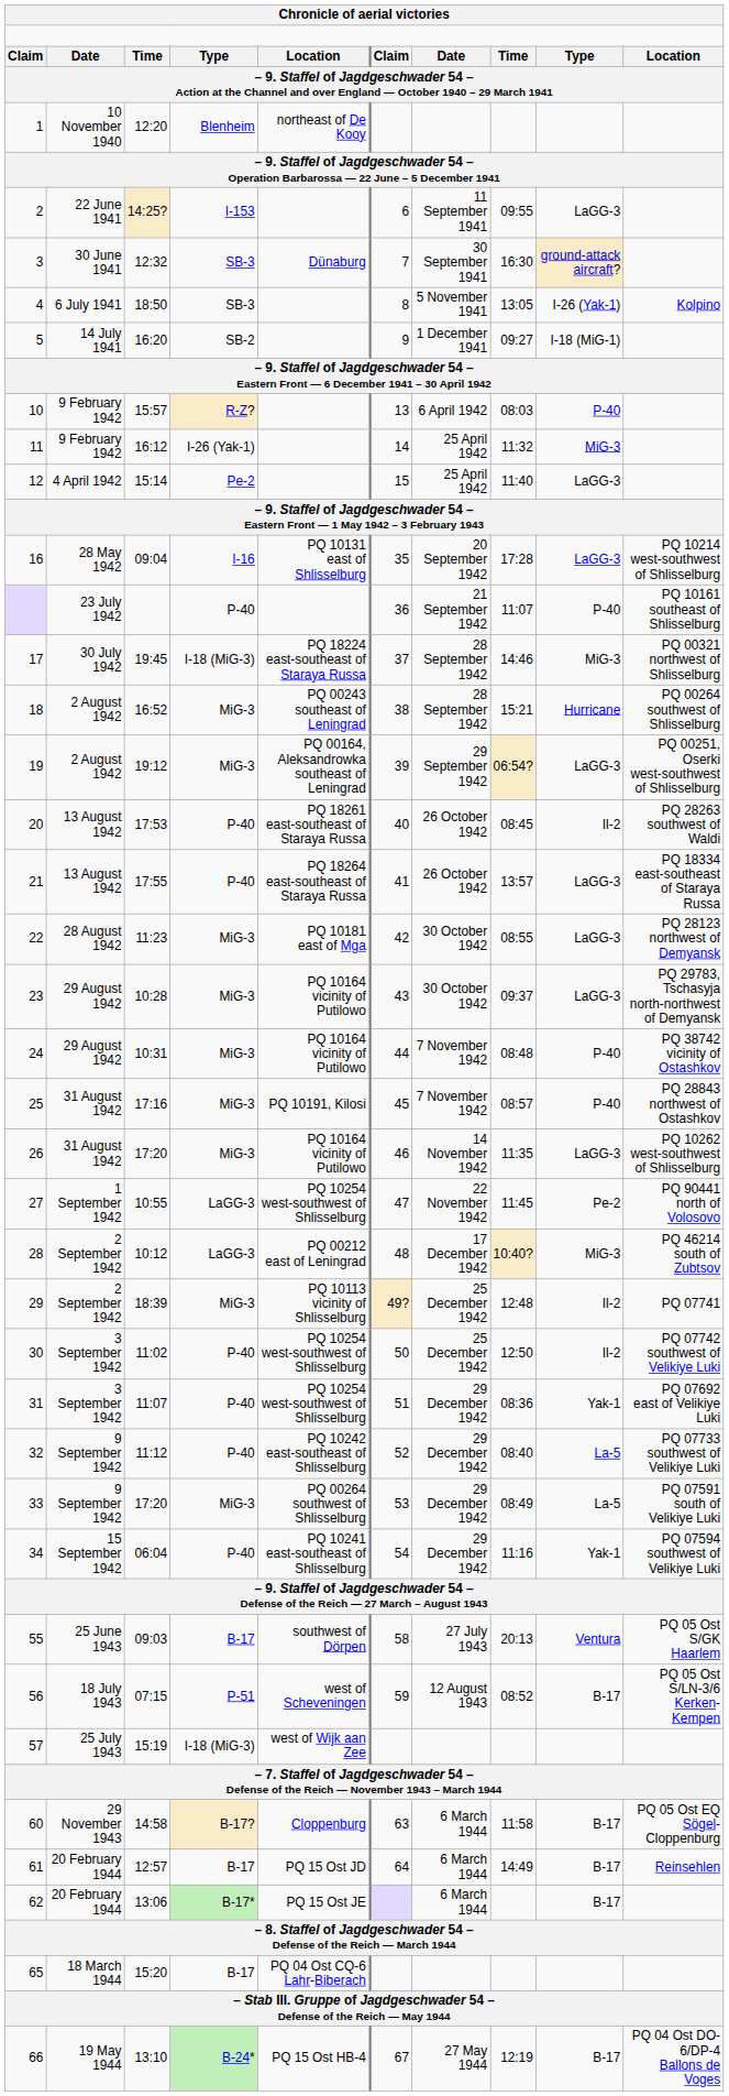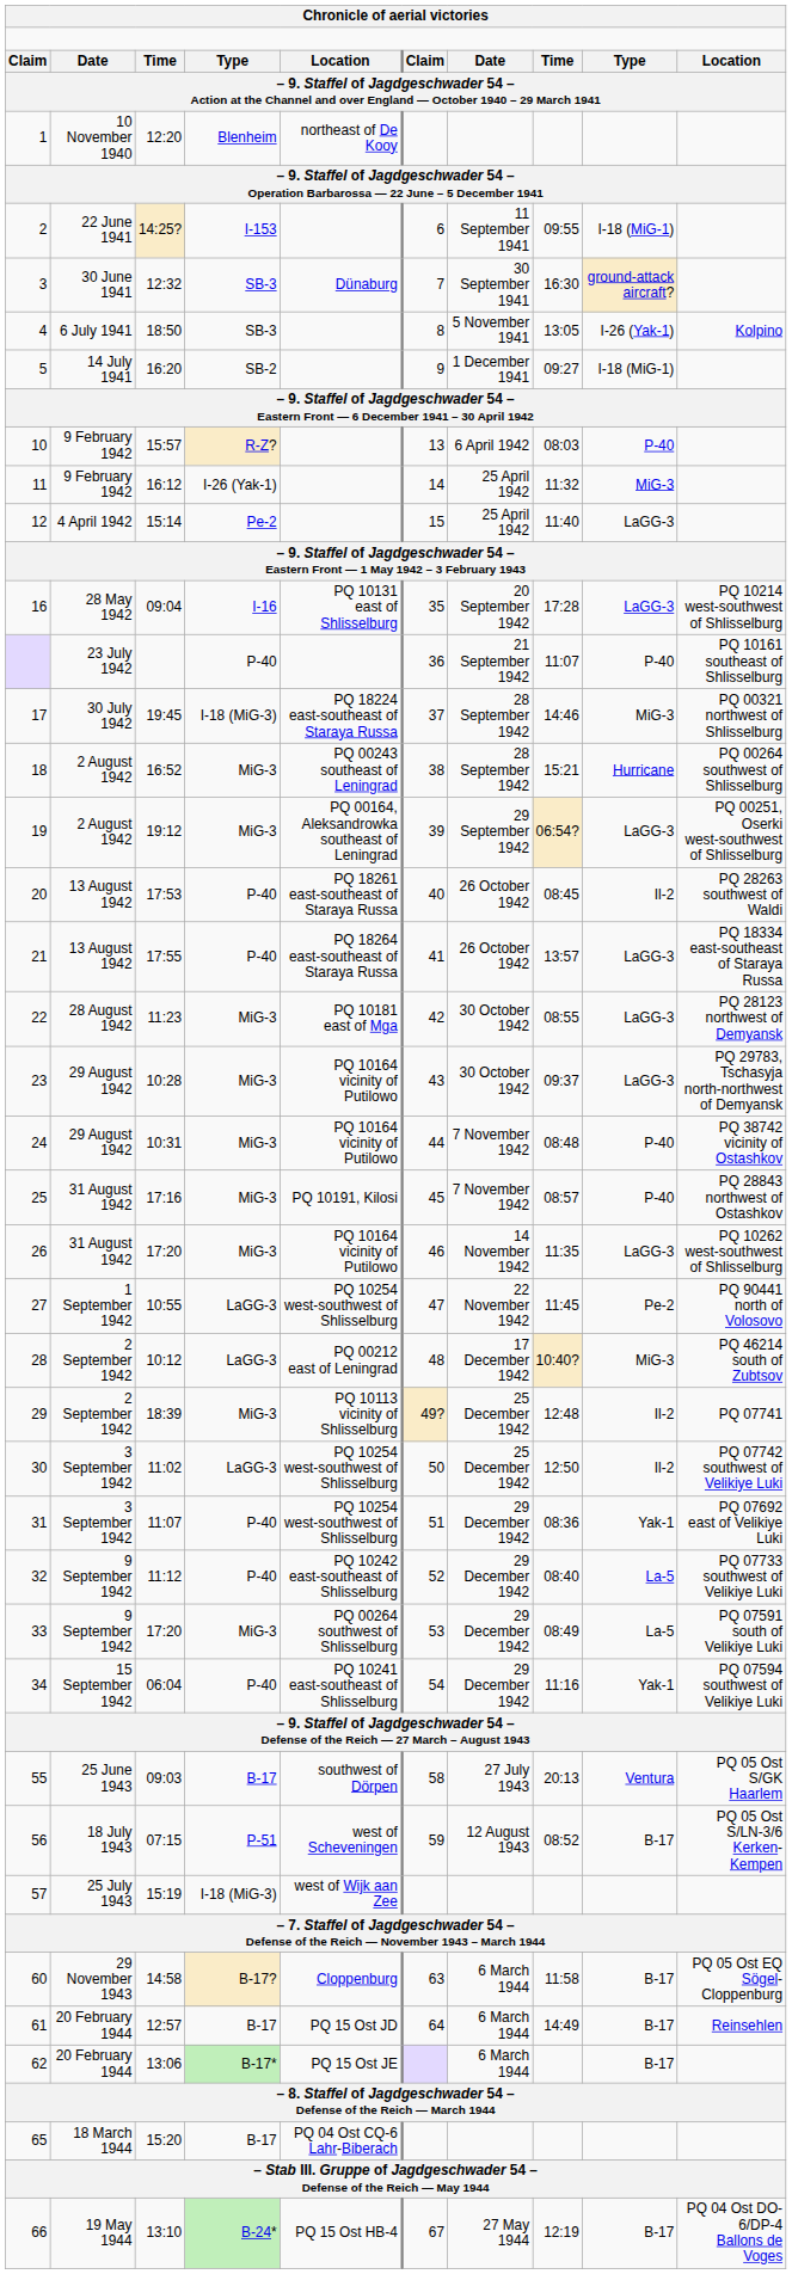 <table class="wikitable plainrowheaders collapsible" style="margin-left: auto; margin-right: auto; border: none; text-align:right; width: 100%;">
 <tr>
 <th colspan="10">Chronicle of aerial victories</th>
 </tr>
 <tr>
 <td colspan="10" style="text-align: left;"><br>  </td>
 </tr>
 <tr>
 <th scope="col">Claim</th>
 <th scope="col">Date</th>
 <th scope="col">Time</th>
 <th scope="col" width="100px">Type</th>
 <th scope="col">Location</th>
 <th scope="col" style="border-left: 3px solid grey;">Claim</th>
 <th scope="col">Date</th>
 <th scope="col">Time</th>
 <th scope="col" width="100px">Type</th>
 <th scope="col">Location</th>
 </tr>
 <tr>
 <th colspan="10">– 9. <em>Staffel</em> of <em>Jagdgeschwader</em> 54 –<br><small>Action at the Channel and over England — October 1940 – 29 March 1941</small></th>
 </tr>
 <tr>
 <td>1</td>
 <td>10 November 1940</td>
 <td>12:20</td>
 <td><a href='#'>Blenheim</a></td>
 <td> northeast of <a href='#'>De Kooy</a></td>
 <td style="border-left: 3px solid grey;"></td>
 <td></td>
 <td></td>
 <td></td>
 <td></td>
 </tr>
 <tr>
 <th colspan="10">– 9. <em>Staffel</em> of <em>Jagdgeschwader</em> 54 –<br><small>Operation Barbarossa — 22 June – 5 December 1941</small></th>
 </tr>
 <tr>
 <td>2</td>
 <td>22 June 1941</td>
 <td style="background:#faecc8">14:25?</td>
 <td><a href='#'>I-153</a></td>
 <td></td>
 <td style="border-left: 3px solid grey;">6</td>
 <td>11 September 1941</td>
 <td>09:55</td>
-<td>LaGG-3</td>
+<td>I-18 (<a href='#'>MiG-1</a>)</td>
 <td></td>
 </tr>
 <tr>
 <td>3</td>
 <td>30 June 1941</td>
 <td>12:32</td>
 <td><a href='#'>SB-3</a></td>
 <td><a href='#'>Dünaburg</a></td>
 <td style="border-left: 3px solid grey;">7</td>
 <td>30 September 1941</td>
 <td>16:30</td>
 <td style="background:#faecc8"><a href='#'>ground-attack aircraft</a>?</td>
 <td></td>
 </tr>
 <tr>
 <td>4</td>
 <td>6 July 1941</td>
 <td>18:50</td>
 <td>SB-3</td>
 <td></td>
 <td style="border-left: 3px solid grey;">8</td>
 <td>5 November 1941</td>
 <td>13:05</td>
 <td>I-26 (<a href='#'>Yak-1</a>)</td>
 <td><a href='#'>Kolpino</a></td>
 </tr>
 <tr>
 <td>5</td>
 <td>14 July 1941</td>
 <td>16:20</td>
 <td>SB-2</td>
 <td></td>
 <td style="border-left: 3px solid grey;">9</td>
 <td>1 December 1941</td>
 <td>09:27</td>
 <td>I-18 (MiG-1)</td>
 <td></td>
 </tr>
 <tr>
 <th colspan="10">– 9. <em>Staffel</em> of <em>Jagdgeschwader</em> 54 –<br><small>Eastern Front — 6 December 1941 – 30 April 1942</small></th>
 </tr>
 <tr>
 <td>10</td>
 <td>9 February 1942</td>
 <td>15:57</td>
 <td style="background:#faecc8"><a href='#'>R-Z</a>?</td>
 <td></td>
 <td style="border-left: 3px solid grey;">13</td>
 <td>6 April 1942</td>
 <td>08:03</td>
 <td><a href='#'>P-40</a></td>
 <td></td>
 </tr>
 <tr>
 <td>11</td>
 <td>9 February 1942</td>
 <td>16:12</td>
 <td>I-26 (Yak-1)</td>
 <td></td>
 <td style="border-left: 3px solid grey;">14</td>
 <td>25 April 1942</td>
 <td>11:32</td>
 <td><a href='#'>MiG-3</a></td>
 <td></td>
 </tr>
 <tr>
 <td>12</td>
 <td>4 April 1942</td>
 <td>15:14</td>
 <td><a href='#'>Pe-2</a></td>
 <td></td>
 <td style="border-left: 3px solid grey;">15</td>
 <td>25 April 1942</td>
 <td>11:40</td>
 <td>LaGG-3</td>
 <td></td>
 </tr>
 <tr>
 <th colspan="10">– 9. <em>Staffel</em> of <em>Jagdgeschwader</em> 54 –<br><small>Eastern Front — 1 May 1942 – 3 February 1943</small></th>
 </tr>
 <tr>
 <td>16</td>
 <td>28 May 1942</td>
 <td>09:04</td>
 <td><a href='#'>I-16</a></td>
 <td>PQ 10131<br>east of <a href='#'>Shlisselburg</a></td>
 <td style="border-left: 3px solid grey;">35</td>
 <td>20 September 1942</td>
 <td>17:28</td>
 <td><a href='#'>LaGG-3</a></td>
 <td>PQ 10214<br> west-southwest of Shlisselburg</td>
 </tr>
 <tr>
 <td style="background:#e3d9ff;"></td>
 <td>23 July 1942</td>
 <td></td>
 <td>P-40</td>
 <td></td>
 <td style="border-left: 3px solid grey;">36</td>
 <td>21 September 1942</td>
 <td>11:07</td>
 <td>P-40</td>
 <td>PQ 10161<br>southeast of Shlisselburg</td>
 </tr>
 <tr>
 <td>17</td>
 <td>30 July 1942</td>
 <td>19:45</td>
 <td>I-18 (MiG-3)</td>
 <td>PQ 18224<br> east-southeast of <a href='#'>Staraya Russa</a></td>
 <td style="border-left: 3px solid grey;">37</td>
 <td>28 September 1942</td>
 <td>14:46</td>
 <td>MiG-3</td>
 <td>PQ 00321<br> northwest of Shlisselburg</td>
 </tr>
 <tr>
 <td>18</td>
 <td>2 August 1942</td>
 <td>16:52</td>
 <td>MiG-3</td>
 <td>PQ 00243<br> southeast of <a href='#'>Leningrad</a></td>
 <td style="border-left: 3px solid grey;">38</td>
 <td>28 September 1942</td>
 <td>15:21</td>
 <td><a href='#'>Hurricane</a></td>
 <td>PQ 00264<br> southwest of Shlisselburg</td>
 </tr>
 <tr>
 <td>19</td>
 <td>2 August 1942</td>
 <td>19:12</td>
 <td>MiG-3</td>
 <td>PQ 00164, Aleksandrowka<br> southeast of Leningrad</td>
 <td style="border-left: 3px solid grey;">39</td>
 <td>29 September 1942</td>
 <td style="background:#faecc8">06:54?</td>
 <td>LaGG-3</td>
 <td>PQ 00251, Oserki<br> west-southwest of Shlisselburg</td>
 </tr>
 <tr>
 <td>20</td>
 <td>13 August 1942</td>
 <td>17:53</td>
 <td>P-40</td>
 <td>PQ 18261<br> east-southeast of Staraya Russa</td>
 <td style="border-left: 3px solid grey;">40</td>
 <td>26 October 1942</td>
 <td>08:45</td>
 <td>Il-2</td>
 <td>PQ 28263<br> southwest of Waldi</td>
 </tr>
 <tr>
 <td>21</td>
 <td>13 August 1942</td>
 <td>17:55</td>
 <td>P-40</td>
 <td>PQ 18264<br> east-southeast of Staraya Russa</td>
 <td style="border-left: 3px solid grey;">41</td>
 <td>26 October 1942</td>
 <td>13:57</td>
 <td>LaGG-3</td>
 <td>PQ 18334<br> east-southeast of Staraya Russa</td>
 </tr>
 <tr>
 <td>22</td>
 <td>28 August 1942</td>
 <td>11:23</td>
 <td>MiG-3</td>
 <td>PQ 10181<br>east of <a href='#'>Mga</a></td>
 <td style="border-left: 3px solid grey;">42</td>
 <td>30 October 1942</td>
 <td>08:55</td>
 <td>LaGG-3</td>
 <td>PQ 28123<br> northwest of <a href='#'>Demyansk</a></td>
 </tr>
 <tr>
 <td>23</td>
 <td>29 August 1942</td>
 <td>10:28</td>
 <td>MiG-3</td>
 <td>PQ 10164<br>vicinity of Putilowo</td>
 <td style="border-left: 3px solid grey;">43</td>
 <td>30 October 1942</td>
 <td>09:37</td>
 <td>LaGG-3</td>
 <td>PQ 29783, Tschasyja<br> north-northwest of Demyansk</td>
 </tr>
 <tr>
 <td>24</td>
 <td>29 August 1942</td>
 <td>10:31</td>
 <td>MiG-3</td>
 <td>PQ 10164<br>vicinity of Putilowo</td>
 <td style="border-left: 3px solid grey;">44</td>
 <td>7 November 1942</td>
 <td>08:48</td>
 <td>P-40</td>
 <td>PQ 38742<br>vicinity of <a href='#'>Ostashkov</a></td>
 </tr>
 <tr>
 <td>25</td>
 <td>31 August 1942</td>
 <td>17:16</td>
 <td>MiG-3</td>
 <td>PQ 10191, Kilosi</td>
 <td style="border-left: 3px solid grey;">45</td>
 <td>7 November 1942</td>
 <td>08:57</td>
 <td>P-40</td>
 <td>PQ 28843<br> northwest of Ostashkov</td>
 </tr>
 <tr>
 <td>26</td>
 <td>31 August 1942</td>
 <td>17:20</td>
 <td>MiG-3</td>
 <td>PQ 10164<br>vicinity of Putilowo</td>
 <td style="border-left: 3px solid grey;">46</td>
 <td>14 November 1942</td>
 <td>11:35</td>
 <td>LaGG-3</td>
 <td>PQ 10262<br> west-southwest of Shlisselburg</td>
 </tr>
 <tr>
 <td>27</td>
 <td>1 September 1942</td>
 <td>10:55</td>
 <td>LaGG-3</td>
 <td>PQ 10254<br> west-southwest of Shlisselburg</td>
 <td style="border-left: 3px solid grey;">47</td>
 <td>22 November 1942</td>
 <td>11:45</td>
 <td>Pe-2</td>
 <td>PQ 90441<br> north of <a href='#'>Volosovo</a></td>
 </tr>
 <tr>
 <td>28</td>
 <td>2 September 1942</td>
 <td>10:12</td>
 <td>LaGG-3</td>
 <td>PQ 00212<br> east of Leningrad</td>
 <td style="border-left: 3px solid grey;">48</td>
 <td>17 December 1942</td>
 <td style="background:#faecc8">10:40?</td>
 <td>MiG-3</td>
 <td>PQ 46214<br> south of <a href='#'>Zubtsov</a></td>
 </tr>
 <tr>
 <td>29</td>
 <td>2 September 1942</td>
 <td>18:39</td>
 <td>MiG-3</td>
 <td>PQ 10113<br>vicinity of Shlisselburg</td>
 <td style="border-left: 3px solid grey; background:#faecc8">49?</td>
 <td>25 December 1942</td>
 <td>12:48</td>
 <td>Il-2</td>
 <td>PQ 07741</td>
 </tr>
 <tr>
 <td>30</td>
 <td>3 September 1942</td>
 <td>11:02</td>
-<td>P-40</td>
+<td>LaGG-3</td>
 <td>PQ 10254<br> west-southwest of Shlisselburg</td>
 <td style="border-left: 3px solid grey;">50</td>
 <td>25 December 1942</td>
 <td>12:50</td>
 <td>Il-2</td>
 <td>PQ 07742<br> southwest of <a href='#'>Velikiye Luki</a></td>
 </tr>
 <tr>
 <td>31</td>
 <td>3 September 1942</td>
 <td>11:07</td>
 <td>P-40</td>
 <td>PQ 10254<br> west-southwest of Shlisselburg</td>
 <td style="border-left: 3px solid grey;">51</td>
 <td>29 December 1942</td>
 <td>08:36</td>
 <td>Yak-1</td>
 <td>PQ 07692<br> east of Velikiye Luki</td>
 </tr>
 <tr>
 <td>32</td>
 <td>9 September 1942</td>
 <td>11:12</td>
 <td>P-40</td>
 <td>PQ 10242<br> east-southeast of Shlisselburg</td>
 <td style="border-left: 3px solid grey;">52</td>
 <td>29 December 1942</td>
 <td>08:40</td>
 <td><a href='#'>La-5</a></td>
 <td>PQ 07733<br> southwest of Velikiye Luki</td>
 </tr>
 <tr>
 <td>33</td>
 <td>9 September 1942</td>
 <td>17:20</td>
 <td>MiG-3</td>
 <td>PQ 00264<br> southwest of Shlisselburg</td>
 <td style="border-left: 3px solid grey;">53</td>
 <td>29 December 1942</td>
 <td>08:49</td>
 <td>La-5</td>
 <td>PQ 07591<br> south of Velikiye Luki</td>
 </tr>
 <tr>
 <td>34</td>
 <td>15 September 1942</td>
 <td>06:04</td>
 <td>P-40</td>
 <td>PQ 10241<br> east-southeast of Shlisselburg</td>
 <td style="border-left: 3px solid grey;">54</td>
 <td>29 December 1942</td>
 <td>11:16</td>
 <td>Yak-1</td>
 <td>PQ 07594<br> southwest of Velikiye Luki</td>
 </tr>
 <tr>
 <th colspan="10">– 9. <em>Staffel</em> of <em>Jagdgeschwader</em> 54 –<br><small>Defense of the Reich — 27 March – August 1943</small></th>
 </tr>
 <tr>
 <td>55</td>
 <td>25 June 1943</td>
 <td>09:03</td>
 <td><a href='#'>B-17</a></td>
 <td>southwest of <a href='#'>Dörpen</a></td>
 <td style="border-left: 3px solid grey;">58</td>
 <td>27 July 1943</td>
 <td>20:13</td>
 <td><a href='#'>Ventura</a></td>
 <td>PQ 05 Ost S/GK<br><a href='#'>Haarlem</a></td>
 </tr>
 <tr>
 <td>56</td>
 <td>18 July 1943</td>
 <td>07:15</td>
 <td><a href='#'>P-51</a></td>
 <td> west of <a href='#'>Scheveningen</a></td>
 <td style="border-left: 3px solid grey;">59</td>
 <td>12 August 1943</td>
 <td>08:52</td>
 <td>B-17</td>
 <td>PQ 05 Ost S/LN-3/6<br><a href='#'>Kerken</a>-<a href='#'>Kempen</a></td>
 </tr>
 <tr>
 <td>57</td>
 <td>25 July 1943</td>
 <td>15:19</td>
 <td>I-18 (MiG-3)</td>
 <td>west of <a href='#'>Wijk aan Zee</a></td>
 <td style="border-left: 3px solid grey;"></td>
 <td></td>
 <td></td>
 <td></td>
 <td></td>
 </tr>
 <tr>
 <th colspan="10">– 7. <em>Staffel</em> of <em>Jagdgeschwader</em> 54 –<br><small>Defense of the Reich — November 1943 – March 1944</small></th>
 </tr>
 <tr>
 <td>60</td>
 <td>29 November 1943</td>
 <td>14:58</td>
 <td style="background:#faecc8">B-17?</td>
 <td><a href='#'>Cloppenburg</a></td>
 <td style="border-left: 3px solid grey;">63</td>
 <td>6 March 1944</td>
 <td>11:58</td>
 <td>B-17</td>
 <td>PQ 05 Ost EQ<br><a href='#'>Sögel</a>-Cloppenburg</td>
 </tr>
 <tr>
 <td>61</td>
 <td>20 February 1944</td>
 <td>12:57</td>
 <td>B-17</td>
 <td>PQ 15 Ost JD</td>
 <td style="border-left: 3px solid grey;">64</td>
 <td>6 March 1944</td>
 <td>14:49</td>
 <td>B-17</td>
 <td><a href='#'>Reinsehlen</a></td>
 </tr>
 <tr>
 <td>62</td>
 <td>20 February 1944</td>
 <td>13:06</td>
 <td style="background:#C0EFBA">B-17*</td>
 <td>PQ 15 Ost JE</td>
 <td style="border-left: 3px solid grey; background:#e3d9ff;"></td>
 <td>6 March 1944</td>
 <td></td>
 <td>B-17</td>
 <td></td>
 </tr>
 <tr>
 <th colspan="10">– 8. <em>Staffel</em> of <em>Jagdgeschwader</em> 54 –<br><small>Defense of the Reich — March 1944</small></th>
 </tr>
 <tr>
 <td>65</td>
 <td>18 March 1944</td>
 <td>15:20</td>
 <td>B-17</td>
 <td>PQ 04 Ost CQ-6<br><a href='#'>Lahr</a>-<a href='#'>Biberach</a></td>
 <td style="border-left: 3px solid grey;"></td>
 <td></td>
 <td></td>
 <td></td>
 <td></td>
 </tr>
 <tr>
 <th colspan="10">– <em>Stab</em> III. <em>Gruppe</em> of <em>Jagdgeschwader</em> 54 –<br><small>Defense of the Reich — May 1944</small></th>
 </tr>
 <tr>
 <td>66</td>
 <td>19 May 1944</td>
 <td>13:10</td>
 <td style="background:#C0EFBA"><a href='#'>B-24</a>*</td>
 <td>PQ 15 Ost HB-4</td>
 <td style="border-left: 3px solid grey;">67</td>
 <td>27 May 1944</td>
 <td>12:19</td>
 <td>B-17</td>
 <td>PQ 04 Ost DO-6/DP-4<br><a href='#'>Ballons de Voges</a></td>
 </tr>
 </table>
